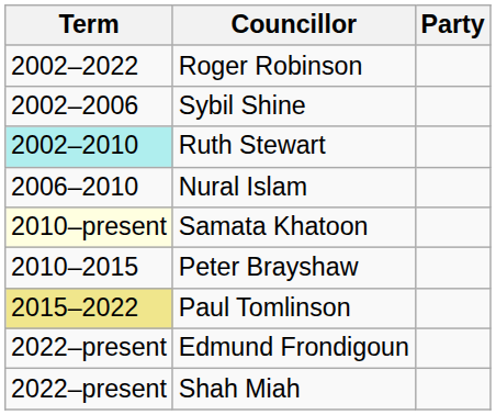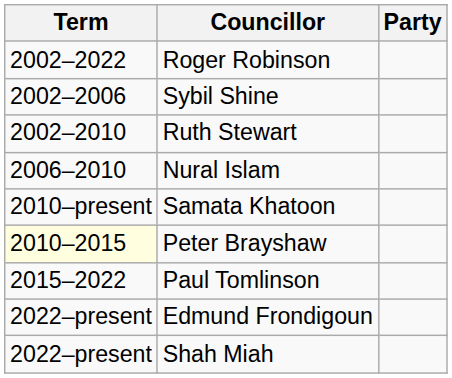 <table class="wikitable">
 <tr>
 <th>Term</th>
 <th>Councillor</th>
 <th colspan=2>Party</th>
 </tr>
 <tr>
 <td>2002–2022</td>
 <td>Roger Robinson</td>
 <td></td>
 </tr>
 <tr>
 <td>2002–2006</td>
 <td>Sybil Shine</td>
 <td></td>
 </tr>
 <tr>
-<td style="background: paleturquoise;">2002–2010</td>
+<td>2002–2010</td>
 <td>Ruth Stewart</td>
 <td></td>
 </tr>
 <tr>
 <td>2006–2010</td>
 <td>Nural Islam</td>
 <td></td>
 </tr>
 <tr>
-<td style="background: lightyellow;">2010–present</td>
+<td>2010–present</td>
 <td>Samata Khatoon</td>
 <td></td>
 </tr>
 <tr>
-<td>2010–2015</td>
+<td style="background: lightyellow;">2010–2015</td>
 <td>Peter Brayshaw</td>
 <td></td>
 </tr>
 <tr>
-<td style="background: khaki;">2015–2022</td>
+<td>2015–2022</td>
 <td>Paul Tomlinson</td>
 <td></td>
 </tr>
 <tr>
 <td>2022–present</td>
 <td>Edmund Frondigoun</td>
 <td></td>
 </tr>
 <tr>
 <td>2022–present</td>
 <td>Shah Miah</td>
 <td></td>
 </tr>
 </table>
